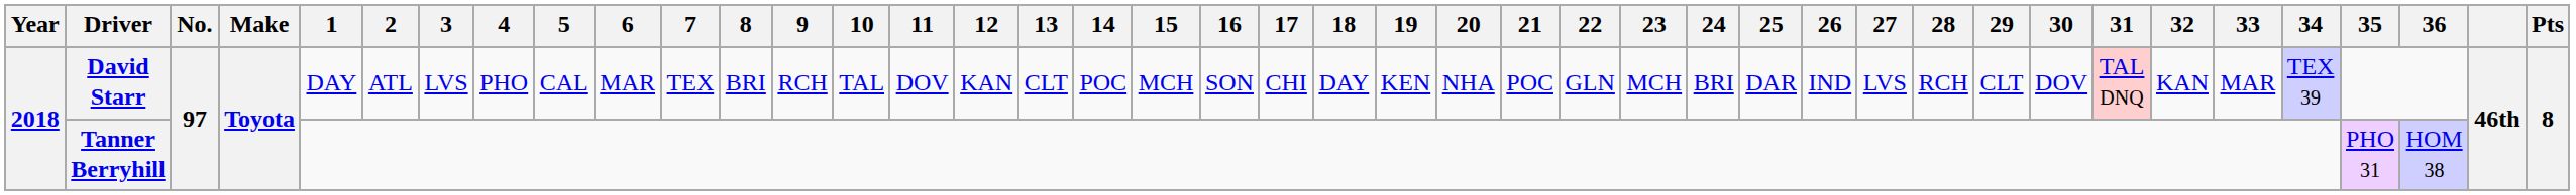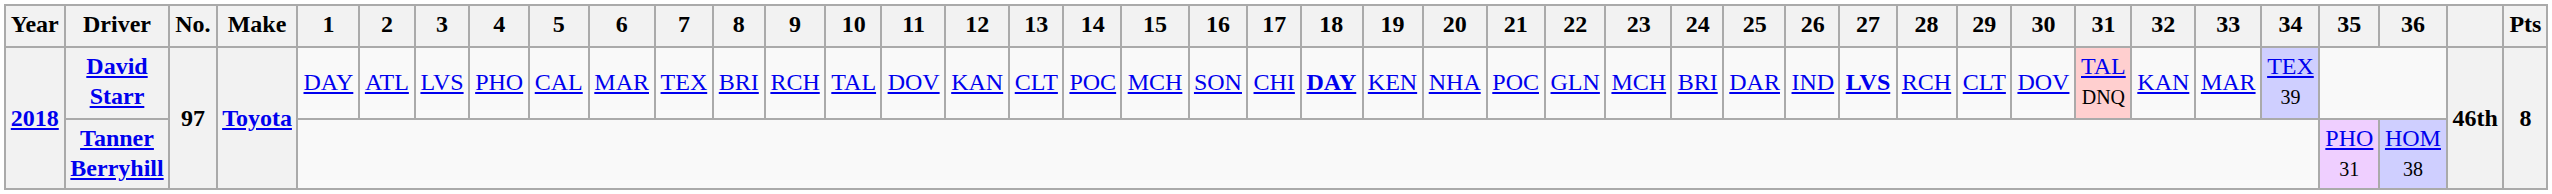 <table class="wikitable" style="text-align:center; font-size:75%">
 <tr>
 <th>Year</th>
 <th>Driver</th>
 <th>No.</th>
 <th>Make</th>
 <th>1</th>
 <th>2</th>
 <th>3</th>
 <th>4</th>
 <th>5</th>
 <th>6</th>
 <th>7</th>
 <th>8</th>
 <th>9</th>
 <th>10</th>
 <th>11</th>
 <th>12</th>
 <th>13</th>
 <th>14</th>
 <th>15</th>
 <th>16</th>
 <th>17</th>
 <th>18</th>
 <th>19</th>
 <th>20</th>
 <th>21</th>
 <th>22</th>
 <th>23</th>
 <th>24</th>
 <th>25</th>
 <th>26</th>
 <th>27</th>
 <th>28</th>
 <th>29</th>
 <th>30</th>
 <th>31</th>
 <th>32</th>
 <th>33</th>
 <th>34</th>
 <th>35</th>
 <th>36</th>
 <th></th>
 <th>Pts</th>
 </tr>
 <tr>
 <th Rowspan=2><a href='#'>2018</a></th>
 <th><a href='#'>David Starr</a></th>
 <th Rowspan=2>97</th>
 <th Rowspan=2><a href='#'>Toyota</a></th>
 <td><a href='#'>DAY</a></td>
 <td><a href='#'>ATL</a></td>
 <td><a href='#'>LVS</a></td>
 <td><a href='#'>PHO</a></td>
 <td><a href='#'>CAL</a></td>
 <td><a href='#'>MAR</a></td>
 <td><a href='#'>TEX</a></td>
 <td><a href='#'>BRI</a></td>
 <td><a href='#'>RCH</a></td>
 <td><a href='#'>TAL</a></td>
 <td><a href='#'>DOV</a></td>
 <td><a href='#'>KAN</a></td>
 <td><a href='#'>CLT</a></td>
 <td><a href='#'>POC</a></td>
 <td><a href='#'>MCH</a></td>
 <td><a href='#'>SON</a></td>
 <td><a href='#'>CHI</a></td>
-<td><a href='#'>DAY</a></td>
+<td><strong><a href='#'>DAY</a></strong></td>
 <td><a href='#'>KEN</a></td>
 <td><a href='#'>NHA</a></td>
 <td><a href='#'>POC</a></td>
 <td><a href='#'>GLN</a></td>
 <td><a href='#'>MCH</a></td>
 <td><a href='#'>BRI</a></td>
 <td><a href='#'>DAR</a></td>
 <td><a href='#'>IND</a></td>
-<td><a href='#'>LVS</a></td>
+<td><strong><a href='#'>LVS</a></strong></td>
 <td><a href='#'>RCH</a></td>
 <td><a href='#'>CLT</a></td>
 <td><a href='#'>DOV</a></td>
 <td style="background:#FFCFCF;"><a href='#'>TAL</a><br><small>DNQ</small></td>
 <td><a href='#'>KAN</a></td>
 <td><a href='#'>MAR</a></td>
 <td style="background:#CFCFFF;"><a href='#'>TEX</a><br><small>39</small></td>
 <td colspan=2></td>
 <th Rowspan=2>46th</th>
 <th Rowspan=2>8</th>
 </tr>
 <tr>
 <th><a href='#'>Tanner Berryhill</a></th>
 <td colspan=34></td>
 <td style="background:#EFCFFF;"><a href='#'>PHO</a><br><small>31</small></td>
 <td style="background:#CFCFFF;"><a href='#'>HOM</a><br><small>38</small></td>
 </tr>
 </table>
